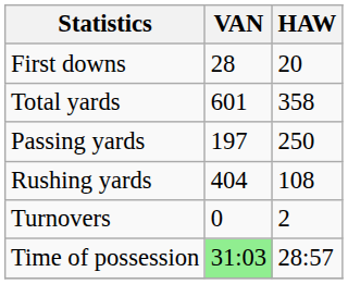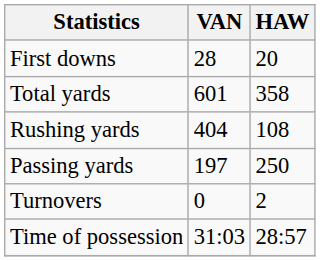 <table class="wikitable">
 <tr>
 <th>Statistics</th>
 <th>VAN</th>
 <th>HAW</th>
 </tr>
 <tr>
 <td>First downs</td>
 <td>28</td>
 <td>20</td>
 </tr>
 <tr>
 <td>Total yards</td>
 <td>601</td>
 <td>358</td>
 </tr>
 <tr>
+<td>Rushing yards</td>
+<td>404</td>
+<td>108</td>
+</tr>
+<tr>
 <td>Passing yards</td>
 <td>197</td>
 <td>250</td>
-</tr>
-<tr>
-<td>Rushing yards</td>
-<td>404</td>
-<td>108</td>
 </tr>
 <tr>
 <td>Turnovers</td>
 <td>0</td>
 <td>2</td>
 </tr>
 <tr>
 <td>Time of possession</td>
-<td style="background: lightgreen;">31:03</td>
+<td>31:03</td>
 <td>28:57</td>
 </tr>
 <tr>
 </tr>
 </table>
